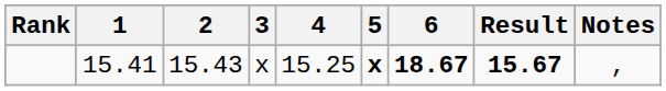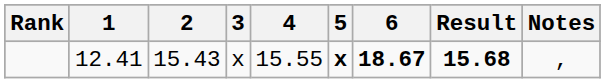 <table class="wikitable" style="text-align:center">
 <tr>
 <th>Rank</th>
 <th>1</th>
 <th>2</th>
 <th>3</th>
 <th>4</th>
 <th>5</th>
 <th>6</th>
 <th>Result</th>
 <th>Notes</th>
 </tr>
 <tr>
 <td></td>
-<td>15.41</td>
+<td>12.41</td>
 <td>15.43</td>
 <td>x</td>
-<td>15.25</td>
+<td>15.55</td>
 <td><strong>x</strong></td>
 <td><strong>18.67</strong></td>
-<td><strong>15.67</strong></td>
+<td><strong>15.68</strong></td>
 <td>, </td>
 </tr>
 </table>
